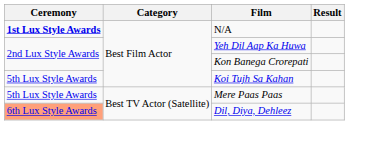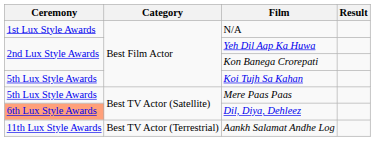 <table class="wikitable style">
 <tr>
 <th>Ceremony</th>
 <th>Category</th>
 <th>Film</th>
 <th>Result</th>
 </tr>
 <tr>
-<td><strong><a href='#'>1st Lux Style Awards</a></strong></td>
+<td><a href='#'>1st Lux Style Awards</a></td>
 <td rowspan="4">Best Film Actor</td>
 <td>N/A</td>
 <td></td>
 </tr>
 <tr>
 <td rowspan="2"><a href='#'>2nd Lux Style Awards</a></td>
 <td><em><a href='#'>Yeh Dil Aap Ka Huwa</a></em></td>
 <td></td>
 </tr>
 <tr>
 <td><em>Kon Banega Crorepati</em></td>
 <td></td>
 </tr>
 <tr>
 <td><a href='#'>5th Lux Style Awards</a></td>
 <td><em><a href='#'>Koi Tujh Sa Kahan</a></em></td>
 <td></td>
 </tr>
 <tr>
 <td><a href='#'>5th Lux Style Awards</a></td>
 <td rowspan="2">Best TV Actor (Satellite)</td>
 <td><em>Mere Paas Paas</em></td>
 <td></td>
 </tr>
 <tr>
 <td style="background: lightsalmon;"><a href='#'>6th Lux Style Awards</a></td>
 <td><em><a href='#'>Dil, Diya, Dehleez</a></em></td>
 <td></td>
 </tr>
+<tr>
+<td><a href='#'>11th Lux Style Awards</a></td>
+<td>Best TV Actor (Terrestrial)</td>
+<td><em>Aankh Salamat Andhe Log</em></td>
+<td></td>
+</tr>
 </table>
